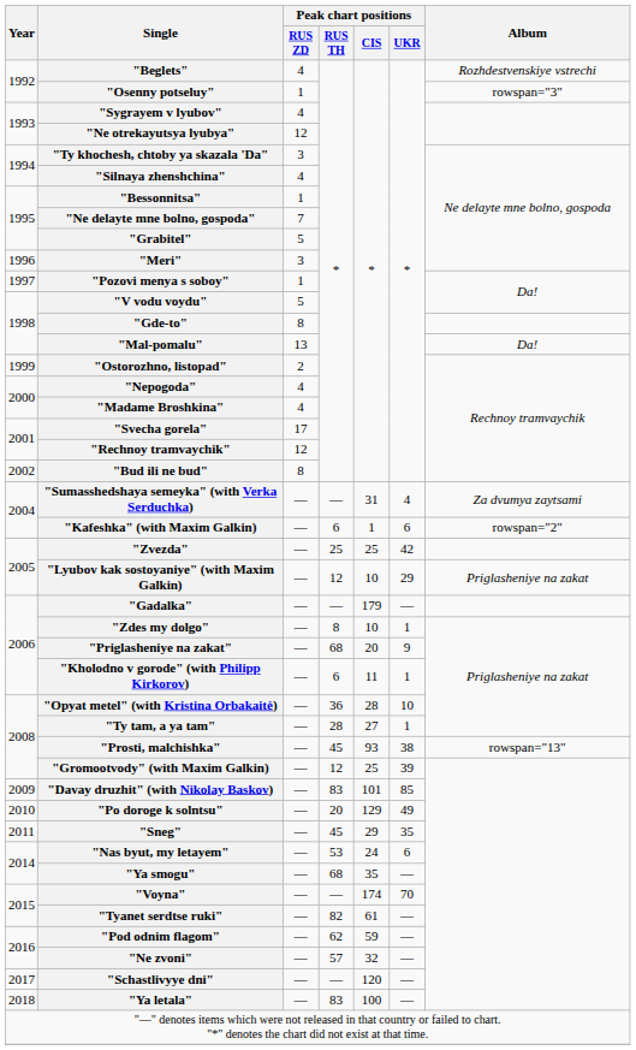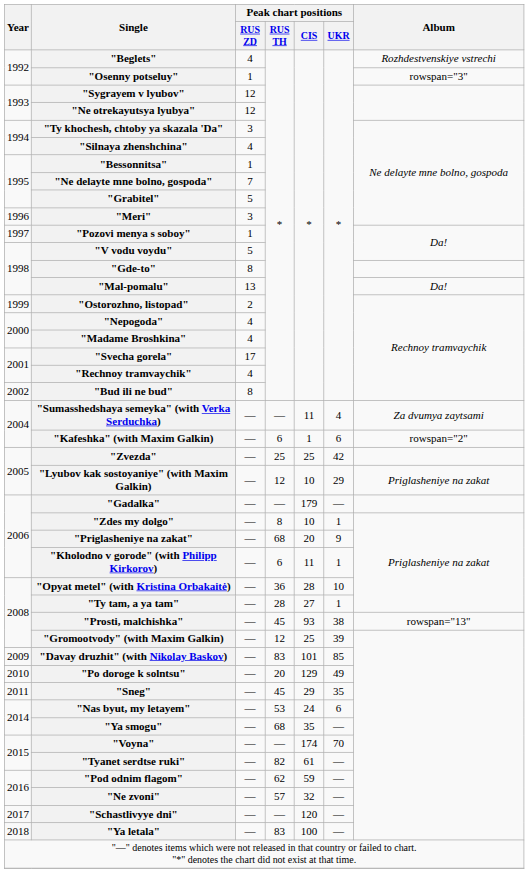 <table class="wikitable plainrowheaders" style="text-align: center;">
 <tr>
 <th rowspan="2">Year</th>
 <th rowspan="2" style="width:18em;">Single</th>
 <th colspan="4">Peak chart positions</th>
 <th rowspan="2" style="width:15em;">Album</th>
 </tr>
 <tr>
 <th scope="col" style="width:2.5em;font-size:90%;"><a href='#'>RUS<br>ZD</a><br></th>
 <th scope="col" style="width:2.5em;font-size:90%;"><a href='#'>RUS<br>TH</a><br></th>
 <th scope="col" style="width:2.5em;font-size:90%;"><a href='#'>CIS</a><br></th>
 <th scope="col" style="width:2.5em;font-size:90%;"><a href='#'>UKR</a><br></th>
 </tr>
 <tr>
 <td rowspan="2">1992</td>
 <th scope="row">"Beglets"</th>
 <td>4</td>
 <td rowspan="20">*</td>
 <td rowspan="20">*</td>
 <td rowspan="20">*</td>
 <td><em>Rozhdestvenskiye vstrechi</em></td>
 </tr>
 <tr>
 <th scope="row">"Osenny potseluy"</th>
 <td>1</td>
 <td>rowspan="3" </td>
 </tr>
 <tr>
 <td rowspan="2">1993</td>
 <th scope="row">"Sygrayem v lyubov"</th>
-<td>4</td>
+<td>12</td>
 </tr>
 <tr>
 <th scope="row">"Ne otrekayutsya lyubya"</th>
 <td>12</td>
 </tr>
 <tr>
 <td rowspan="2">1994</td>
 <th scope="row">"Ty khochesh, chtoby ya skazala 'Da"</th>
 <td>3</td>
 <td rowspan="6"><em>Ne delayte mne bolno, gospoda</em></td>
 </tr>
 <tr>
 <th scope="row">"Silnaya zhenshchina"</th>
 <td>4</td>
 </tr>
 <tr>
 <td rowspan="3">1995</td>
 <th scope="row">"Bessonnitsa"</th>
 <td>1</td>
 </tr>
 <tr>
 <th scope="row">"Ne delayte mne bolno, gospoda"</th>
 <td>7</td>
 </tr>
 <tr>
 <th scope="row">"Grabitel"</th>
 <td>5</td>
 </tr>
 <tr>
 <td>1996</td>
 <th scope="row">"Meri"</th>
 <td>3</td>
 </tr>
 <tr>
 <td>1997</td>
 <th scope="row">"Pozovi menya s soboy"</th>
 <td>1</td>
 <td rowspan="2"><em>Da!</em></td>
 </tr>
 <tr>
 <td rowspan="3">1998</td>
 <th scope="row">"V vodu voydu"</th>
 <td>5</td>
 </tr>
 <tr>
 <th scope="row">"Gde-to"</th>
 <td>8</td>
 <td></td>
 </tr>
 <tr>
 <th scope="row">"Mal-pomalu"</th>
 <td>13</td>
 <td><em>Da!</em></td>
 </tr>
 <tr>
 <td>1999</td>
 <th scope="row">"Ostorozhno, listopad"</th>
 <td>2</td>
 <td rowspan="6"><em>Rechnoy tramvaychik</em></td>
 </tr>
 <tr>
 <td rowspan="2">2000</td>
 <th scope="row">"Nepogoda"</th>
 <td>4</td>
 </tr>
 <tr>
 <th scope="row">"Madame Broshkina"</th>
 <td>4</td>
 </tr>
 <tr>
 <td rowspan="2">2001</td>
 <th scope="row">"Svecha gorela"</th>
 <td>17</td>
 </tr>
 <tr>
 <th scope="row">"Rechnoy tramvaychik"</th>
-<td>12</td>
+<td>4</td>
 </tr>
 <tr>
 <td>2002</td>
 <th scope="row">"Bud ili ne bud"</th>
 <td>8</td>
 </tr>
 <tr>
 <td rowspan="2">2004</td>
 <th scope="row">"Sumasshedshaya semeyka" (with <a href='#'>Verka Serduchka</a>)</th>
 <td>—</td>
 <td>—</td>
-<td>31</td>
+<td>11</td>
 <td>4</td>
 <td><em>Za dvumya zaytsami</em></td>
 </tr>
 <tr>
 <th scope="row">"Kafeshka" (with Maxim Galkin)</th>
 <td>—</td>
 <td>6</td>
 <td>1</td>
 <td>6</td>
 <td>rowspan="2" </td>
 </tr>
 <tr>
 <td rowspan="2">2005</td>
 <th scope="row">"Zvezda"</th>
 <td>—</td>
 <td>25</td>
 <td>25</td>
 <td>42</td>
 </tr>
 <tr>
 <th scope="row">"Lyubov kak sostoyaniye" (with Maxim Galkin)</th>
 <td>—</td>
 <td>12</td>
 <td>10</td>
 <td>29</td>
 <td><em>Priglasheniye na zakat</em></td>
 </tr>
 <tr>
 <td rowspan="4">2006</td>
 <th scope="row">"Gadalka"</th>
 <td>—</td>
 <td>—</td>
 <td>179</td>
 <td>—</td>
 <td></td>
 </tr>
 <tr>
 <th scope="row">"Zdes my dolgo"</th>
 <td>—</td>
 <td>8</td>
 <td>10</td>
 <td>1</td>
 <td rowspan="5"><em>Priglasheniye na zakat</em></td>
 </tr>
 <tr>
 <th scope="row">"Priglasheniye na zakat"</th>
 <td>—</td>
 <td>68</td>
 <td>20</td>
 <td>9</td>
 </tr>
 <tr>
 <th scope="row">"Kholodno v gorode" (with <a href='#'>Philipp Kirkorov</a>)</th>
 <td>—</td>
 <td>6</td>
 <td>11</td>
 <td>1</td>
 </tr>
 <tr>
 <td rowspan="4">2008</td>
 <th scope="row">"Opyat metel" (with <a href='#'>Kristina Orbakaitė</a>)</th>
 <td>—</td>
 <td>36</td>
 <td>28</td>
 <td>10</td>
 </tr>
 <tr>
 <th scope="row">"Ty tam, a ya tam"</th>
 <td>—</td>
 <td>28</td>
 <td>27</td>
 <td>1</td>
 </tr>
 <tr>
 <th scope="row">"Prosti, malchishka"</th>
 <td>—</td>
 <td>45</td>
 <td>93</td>
 <td>38</td>
 <td>rowspan="13" </td>
 </tr>
 <tr>
 <th scope="row">"Gromootvody" (with Maxim Galkin)</th>
 <td>—</td>
 <td>12</td>
 <td>25</td>
 <td>39</td>
 </tr>
 <tr>
 <td>2009</td>
 <th scope="row">"Davay druzhit" (with <a href='#'>Nikolay Baskov</a>)</th>
 <td>—</td>
 <td>83</td>
 <td>101</td>
 <td>85</td>
 </tr>
 <tr>
 <td>2010</td>
 <th scope="row">"Po doroge k solntsu"</th>
 <td>—</td>
 <td>20</td>
 <td>129</td>
 <td>49</td>
 </tr>
 <tr>
 <td>2011</td>
 <th scope="row">"Sneg"</th>
 <td>—</td>
 <td>45</td>
 <td>29</td>
 <td>35</td>
 </tr>
 <tr>
 <td rowspan="2">2014</td>
 <th scope="row">"Nas byut, my letayem"</th>
 <td>—</td>
 <td>53</td>
 <td>24</td>
 <td>6</td>
 </tr>
 <tr>
 <th scope="row">"Ya smogu"</th>
 <td>—</td>
 <td>68</td>
 <td>35</td>
 <td>—</td>
 </tr>
 <tr>
 <td rowspan="2">2015</td>
 <th scope="row">"Voyna"</th>
 <td>—</td>
 <td>—</td>
 <td>174</td>
 <td>70</td>
 </tr>
 <tr>
 <th scope="row">"Tyanet serdtse ruki"</th>
 <td>—</td>
 <td>82</td>
 <td>61</td>
 <td>—</td>
 </tr>
 <tr>
 <td rowspan="2">2016</td>
 <th scope="row">"Pod odnim flagom"</th>
 <td>—</td>
 <td>62</td>
 <td>59</td>
 <td>—</td>
 </tr>
 <tr>
 <th scope="row">"Ne zvoni"</th>
 <td>—</td>
 <td>57</td>
 <td>32</td>
 <td>—</td>
 </tr>
 <tr>
 <td>2017</td>
 <th scope="row">"Schastlivyye dni"</th>
 <td>—</td>
 <td>—</td>
 <td>120</td>
 <td>—</td>
 </tr>
 <tr>
 <td>2018</td>
 <th scope="row">"Ya letala"</th>
 <td>—</td>
 <td>83</td>
 <td>100</td>
 <td>—</td>
 </tr>
 <tr>
 <td colspan="7" style="font-size:90%;">"—" denotes items which were not released in that country or failed to chart.<br>"*" denotes the chart did not exist at that time.</td>
 </tr>
 <tr>
 </tr>
 </table>
